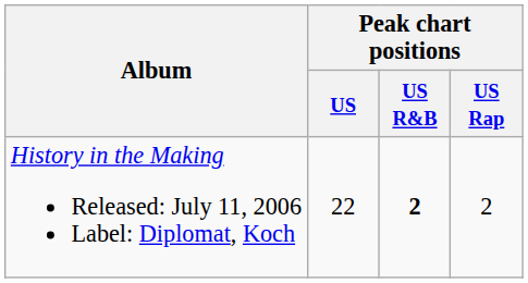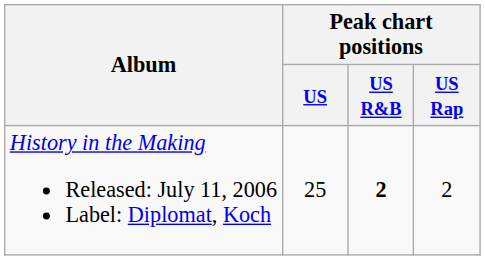 <table class="wikitable">
 <tr>
 <th rowspan="2">Album</th>
 <th colspan="3">Peak chart positions</th>
 </tr>
 <tr>
 <th width=40><small><a href='#'>US</a></small></th>
 <th width=40><small><a href='#'>US R&B</a></small></th>
 <th width=40><small><a href='#'>US Rap</a></small></th>
 </tr>
 <tr>
 <td><em><a href='#'>History in the Making</a></em><br><ul><li>Released: July 11, 2006</li><li>Label: <a href='#'>Diplomat</a>, <a href='#'>Koch</a></li></ul></td>
-<td style="text-align:center;">22</td>
+<td style="text-align:center;">25</td>
 <td style="text-align:center;"><strong>2</strong></td>
 <td style="text-align:center;">2</td>
 </tr>
 </table>
